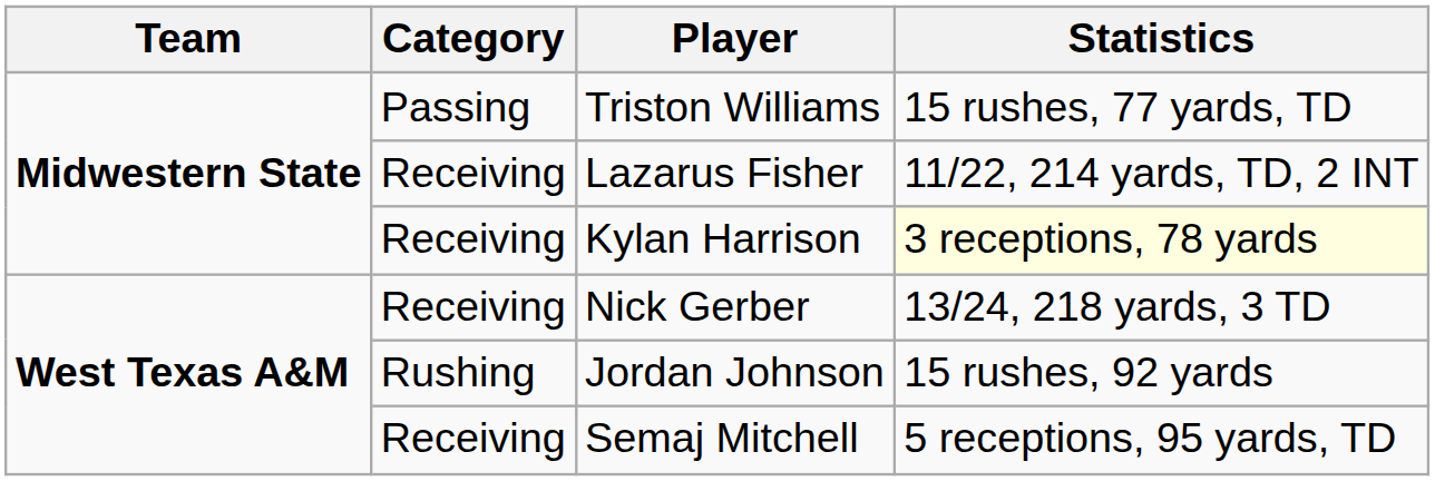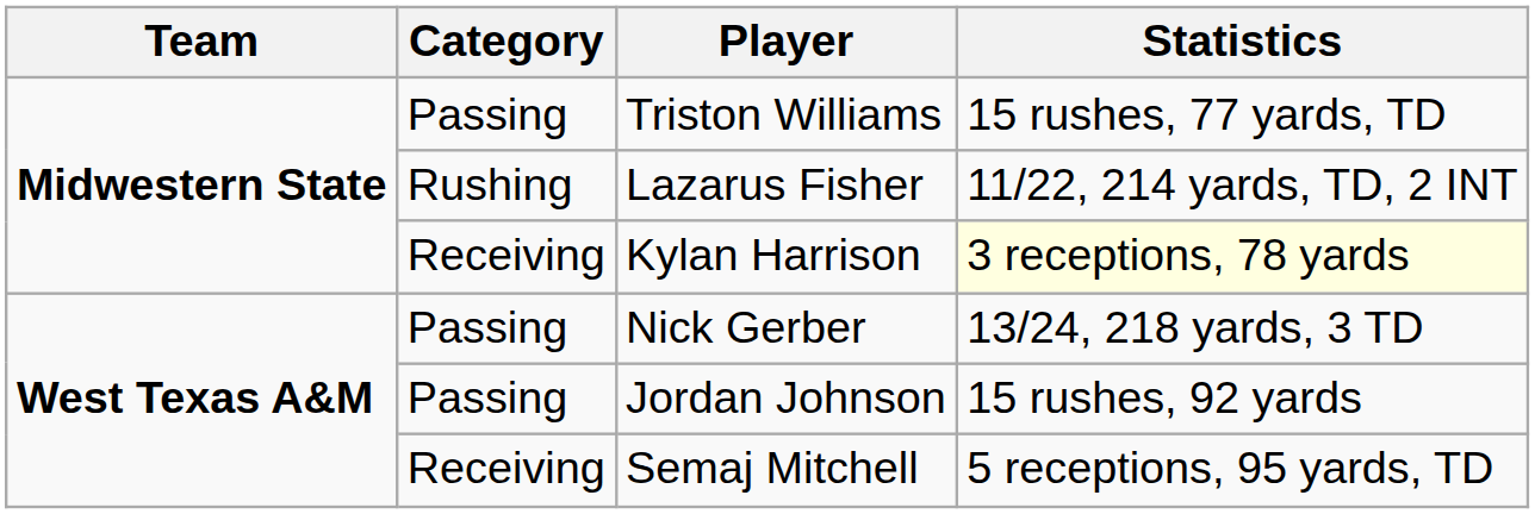 <table class="wikitable" style="float: left;">
 <tr>
 <th>Team</th>
 <th>Category</th>
 <th>Player</th>
 <th>Statistics</th>
 </tr>
 <tr>
 <td rowspan=3><strong>Midwestern State</strong></td>
 <td>Passing</td>
 <td>Triston Williams</td>
 <td>15 rushes, 77 yards, TD</td>
 </tr>
 <tr>
-<td>Receiving</td>
+<td>Rushing</td>
 <td>Lazarus Fisher</td>
 <td>11/22, 214 yards, TD, 2 INT</td>
 </tr>
 <tr>
 <td>Receiving</td>
 <td>Kylan Harrison</td>
 <td style="background: lightyellow;">3 receptions, 78 yards</td>
 </tr>
 <tr>
 <td rowspan=3><strong>West Texas A&M</strong></td>
-<td>Receiving</td>
+<td>Passing</td>
 <td>Nick Gerber</td>
 <td>13/24, 218 yards, 3 TD</td>
 </tr>
 <tr>
-<td>Rushing</td>
+<td>Passing</td>
 <td>Jordan Johnson</td>
 <td>15 rushes, 92 yards</td>
 </tr>
 <tr>
 <td>Receiving</td>
 <td>Semaj Mitchell</td>
 <td>5 receptions, 95 yards, TD</td>
 </tr>
 </table>
